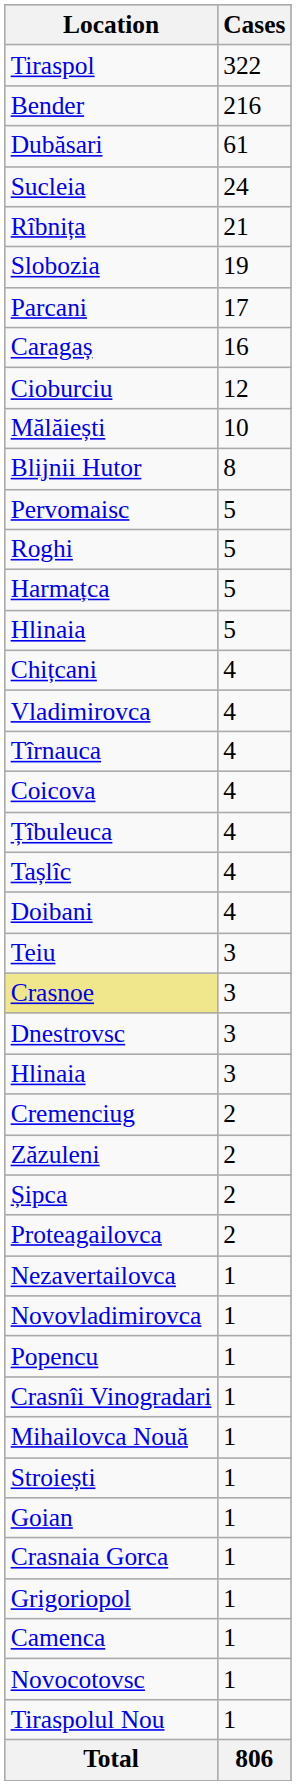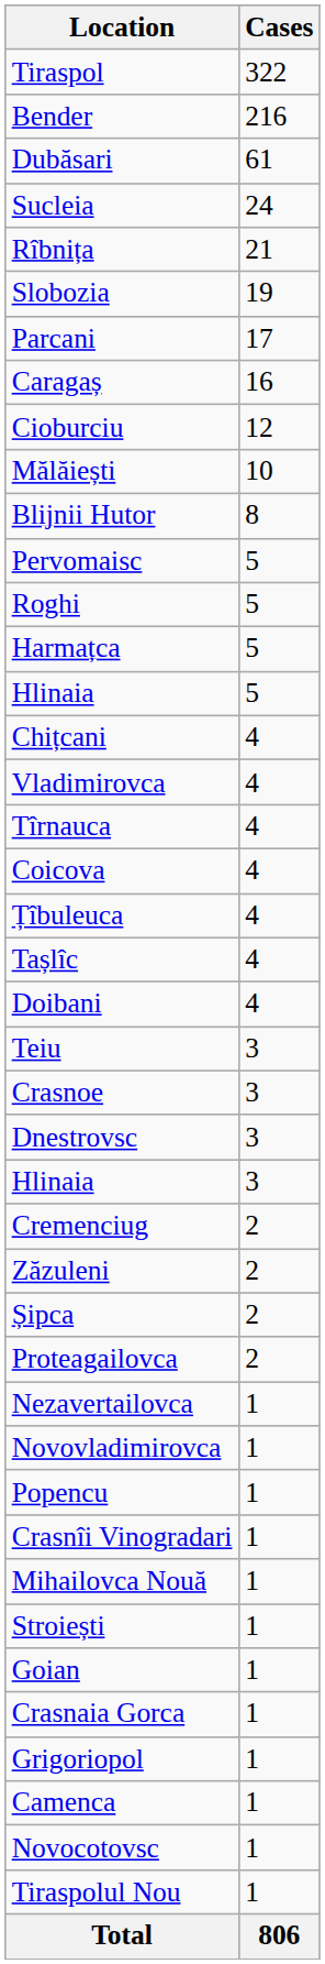 <table class="wikitable sortable">
 <tr>
 <th>Location</th>
 <th>Cases</th>
 </tr>
 <tr>
 <td><a href='#'>Tiraspol</a></td>
 <td>322</td>
 </tr>
 <tr>
 <td><a href='#'>Bender</a></td>
 <td>216</td>
 </tr>
 <tr>
 <td><a href='#'>Dubăsari</a></td>
 <td>61</td>
 </tr>
 <tr>
 <td><a href='#'>Sucleia</a></td>
 <td>24</td>
 </tr>
 <tr>
 <td><a href='#'>Rîbnița</a></td>
 <td>21</td>
 </tr>
 <tr>
 <td><a href='#'>Slobozia</a></td>
 <td>19</td>
 </tr>
 <tr>
 <td><a href='#'>Parcani</a></td>
 <td>17</td>
 </tr>
 <tr>
 <td><a href='#'>Caragaș</a></td>
 <td>16</td>
 </tr>
 <tr>
 <td><a href='#'>Cioburciu</a></td>
 <td>12</td>
 </tr>
 <tr>
 <td><a href='#'>Mălăiești</a></td>
 <td>10</td>
 </tr>
 <tr>
 <td><a href='#'>Blijnii Hutor</a></td>
 <td>8</td>
 </tr>
 <tr>
 <td><a href='#'>Pervomaisc</a></td>
 <td>5</td>
 </tr>
 <tr>
 <td><a href='#'>Roghi</a></td>
 <td>5</td>
 </tr>
 <tr>
 <td><a href='#'>Harmațca</a></td>
 <td>5</td>
 </tr>
 <tr>
 <td><a href='#'>Hlinaia</a></td>
 <td>5</td>
 </tr>
 <tr>
 <td><a href='#'>Chițcani</a></td>
 <td>4</td>
 </tr>
 <tr>
 <td><a href='#'>Vladimirovca</a></td>
 <td>4</td>
 </tr>
 <tr>
 <td><a href='#'>Tîrnauca</a></td>
 <td>4</td>
 </tr>
 <tr>
 <td><a href='#'>Coicova</a></td>
 <td>4</td>
 </tr>
 <tr>
 <td><a href='#'>Țîbuleuca</a></td>
 <td>4</td>
 </tr>
 <tr>
 <td><a href='#'>Tașlîc</a></td>
 <td>4</td>
 </tr>
 <tr>
 <td><a href='#'>Doibani</a></td>
 <td>4</td>
 </tr>
 <tr>
 <td><a href='#'>Teiu</a></td>
 <td>3</td>
 </tr>
 <tr>
-<td style="background: khaki;"><a href='#'>Crasnoe</a></td>
+<td><a href='#'>Crasnoe</a></td>
 <td>3</td>
 </tr>
 <tr>
 <td><a href='#'>Dnestrovsc</a></td>
 <td>3</td>
 </tr>
 <tr>
 <td><a href='#'>Hlinaia</a></td>
 <td>3</td>
 </tr>
 <tr>
 <td><a href='#'>Cremenciug</a></td>
 <td>2</td>
 </tr>
 <tr>
 <td><a href='#'>Zăzuleni</a></td>
 <td>2</td>
 </tr>
 <tr>
 <td><a href='#'>Șipca</a></td>
 <td>2</td>
 </tr>
 <tr>
 <td><a href='#'>Proteagailovca</a></td>
 <td>2</td>
 </tr>
 <tr>
 <td><a href='#'>Nezavertailovca</a></td>
 <td>1</td>
 </tr>
 <tr>
 <td><a href='#'>Novovladimirovca</a></td>
 <td>1</td>
 </tr>
 <tr>
 <td><a href='#'>Popencu</a></td>
 <td>1</td>
 </tr>
 <tr>
 <td><a href='#'>Crasnîi Vinogradari</a></td>
 <td>1</td>
 </tr>
 <tr>
 <td><a href='#'>Mihailovca Nouă</a></td>
 <td>1</td>
 </tr>
 <tr>
 <td><a href='#'>Stroiești</a></td>
 <td>1</td>
 </tr>
 <tr>
 <td><a href='#'>Goian</a></td>
 <td>1</td>
 </tr>
 <tr>
 <td><a href='#'>Crasnaia Gorca</a></td>
 <td>1</td>
 </tr>
 <tr>
 <td><a href='#'>Grigoriopol</a></td>
 <td>1</td>
 </tr>
 <tr>
 <td><a href='#'>Camenca</a></td>
 <td>1</td>
 </tr>
 <tr>
 <td><a href='#'>Novocotovsc</a></td>
 <td>1</td>
 </tr>
 <tr>
 <td><a href='#'>Tiraspolul Nou</a></td>
 <td>1</td>
 </tr>
 <tr>
 <th>Total</th>
 <th>806</th>
 </tr>
 </table>
